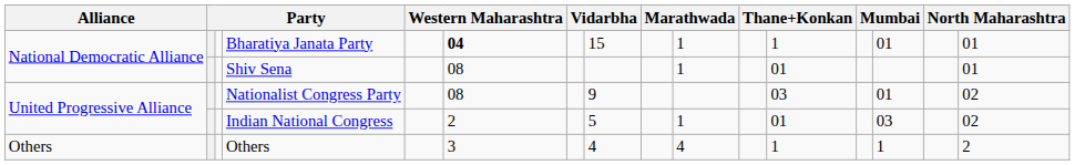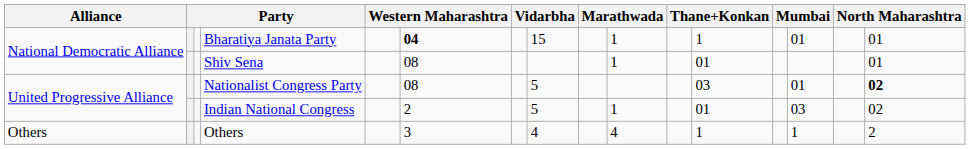 <table class="wikitable">
 <tr>
 <th>Alliance</th>
 <th colspan="3">Party</th>
 <th colspan="2">Western Maharashtra</th>
 <th colspan="2">Vidarbha</th>
 <th colspan="2">Marathwada</th>
 <th colspan="2">Thane+Konkan</th>
 <th colspan="2">Mumbai</th>
 <th colspan="2">North Maharashtra</th>
 </tr>
 <tr>
 <td rowspan="2"><a href='#'>National Democratic Alliance</a></td>
 <th></th>
 <td style="color:inherit;background-color: "></td>
 <td><a href='#'>Bharatiya Janata Party</a></td>
 <td></td>
 <td><strong> 04</strong></td>
 <td></td>
 <td> 15</td>
 <td></td>
 <td> 1</td>
 <td></td>
 <td> 1</td>
 <td></td>
 <td>01</td>
 <td></td>
 <td>01</td>
 </tr>
 <tr>
 <th></th>
 <td style="color:inherit;background-color: "></td>
 <td><a href='#'>Shiv Sena</a></td>
 <td></td>
 <td> 08</td>
 <td></td>
 <td></td>
 <td></td>
 <td>1</td>
 <td></td>
 <td> 01</td>
 <td></td>
 <td></td>
 <td></td>
 <td> 01</td>
 </tr>
 <tr>
 <td rowspan="2"><a href='#'>United Progressive Alliance</a></td>
 <th></th>
 <td style="color:inherit;background-color: "></td>
 <td><a href='#'>Nationalist Congress Party</a></td>
 <td></td>
 <td> 08</td>
 <td></td>
-<td> 9</td>
+<td> 5</td>
 <td></td>
 <td></td>
 <td></td>
 <td> 03</td>
 <td></td>
 <td> 01</td>
 <td></td>
-<td> 02</td>
+<td><strong> 02</strong></td>
 </tr>
 <tr>
 <th></th>
 <td></td>
 <td><a href='#'>Indian National Congress</a></td>
 <td></td>
 <td> 2</td>
 <td></td>
 <td>5</td>
 <td></td>
 <td>1</td>
 <td></td>
 <td> 01</td>
 <td></td>
 <td> 03</td>
 <td></td>
 <td> 02</td>
 </tr>
 <tr>
 <td>Others</td>
 <th></th>
 <td style="color:inherit;background-color: "></td>
 <td>Others</td>
 <td></td>
 <td> 3</td>
 <td></td>
 <td> 4</td>
 <td></td>
 <td> 4</td>
 <td></td>
 <td> 1</td>
 <td></td>
 <td> 1</td>
 <td></td>
 <td> 2</td>
 </tr>
 </table>
